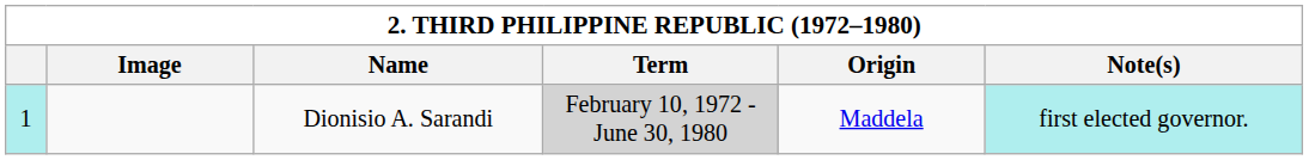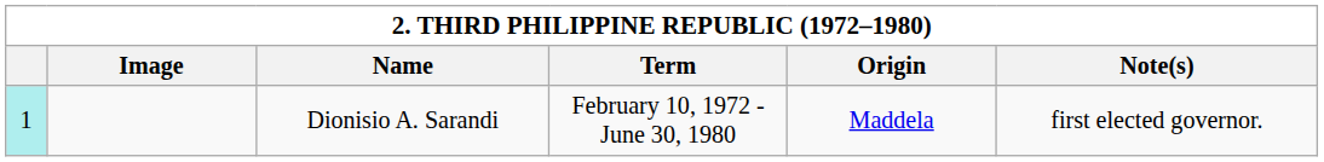 <table class="wikitable collapsible collapsed" style="vertical-align:top;text-align:center;font-size:95%;">
 <tr>
 <th style="background-color:white;font-size:105%;width:51em;" colspan=6>2. THIRD PHILIPPINE REPUBLIC (1972–1980)</th>
 </tr>
 <tr>
 <th style="width: 1em;text-align:center"></th>
 <th style="width: 7em;text-align:center">Image</th>
 <th style="width: 10em;text-align:center">Name</th>
 <th style="width: 8em;text-align:center">Term</th>
 <th style="width: 7em;text-align:center">Origin</th>
 <th style="width: 11em;text-align:center">Note(s)</th>
 </tr>
 <tr>
 <td style="background: paleturquoise;">1</td>
 <td></td>
 <td>Dionisio A. Sarandi</td>
-<td style="background: lightgrey;">February 10, 1972 - June 30, 1980</td>
+<td>February 10, 1972 - June 30, 1980</td>
 <td><a href='#'>Maddela</a></td>
-<td style="background: paleturquoise;">first elected governor.</td>
+<td>first elected governor.</td>
 </tr>
 </table>
